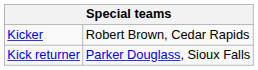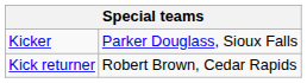 <table class="wikitable">
 <tr>
 <th colspan="6">Special teams</th>
 </tr>
 <tr>
 <td><a href='#'>Kicker</a></td>
-<td>Robert Brown, Cedar Rapids</td>
+<td><a href='#'>Parker Douglass</a>, Sioux Falls</td>
 </tr>
 <tr>
 <td><a href='#'>Kick returner</a></td>
-<td><a href='#'>Parker Douglass</a>, Sioux Falls</td>
+<td>Robert Brown, Cedar Rapids</td>
 </tr>
 </table>
